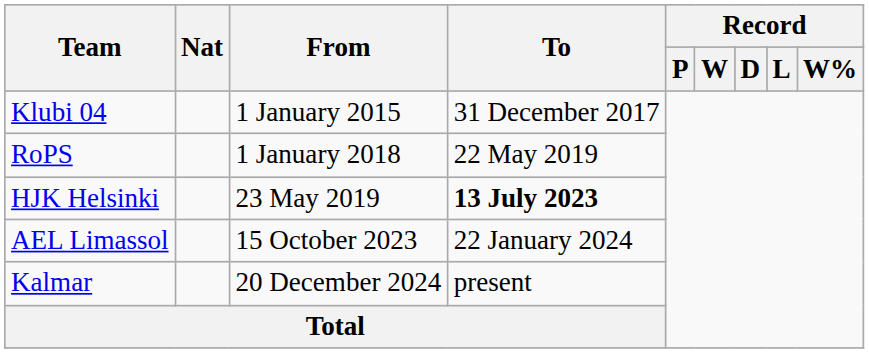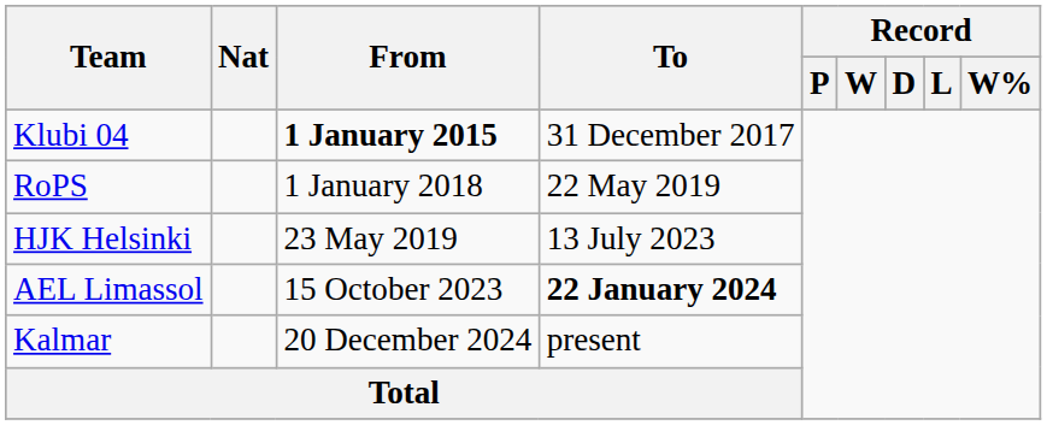 <table class="wikitable" style="text-align:center">
 <tr>
 <th rowspan="2">Team</th>
 <th rowspan="2">Nat</th>
 <th rowspan="2">From</th>
 <th rowspan="2">To</th>
 <th colspan="8">Record</th>
 </tr>
 <tr>
 <th>P</th>
 <th>W</th>
 <th>D</th>
 <th>L</th>
 <th>W%</th>
 </tr>
 <tr>
 <td align=left><a href='#'>Klubi 04</a></td>
 <td></td>
-<td align=left>1 January 2015</td>
+<td align=left><strong>1 January 2015</strong></td>
 <td align=left>31 December 2017<br></td>
 </tr>
 <tr>
 <td align=left><a href='#'>RoPS</a></td>
 <td></td>
 <td align=left>1 January 2018</td>
 <td align=left>22 May 2019<br></td>
 </tr>
 <tr>
 <td align=left><a href='#'>HJK Helsinki</a></td>
 <td></td>
 <td align=left>23 May 2019</td>
-<td align=left><strong>13 July 2023<br></strong></td>
+<td align=left>13 July 2023<br></td>
 </tr>
 <tr>
 <td align=left><a href='#'>AEL Limassol</a></td>
 <td></td>
 <td align=left>15 October 2023</td>
-<td align=left>22 January 2024<br></td>
+<td align=left><strong>22 January 2024<br></strong></td>
 </tr>
 <tr>
 <td align=left><a href='#'>Kalmar</a></td>
 <td></td>
 <td align=left>20 December 2024</td>
 <td align=left>present<br></td>
 </tr>
 <tr>
 <th colspan=4>Total<br></th>
 </tr>
 </table>
